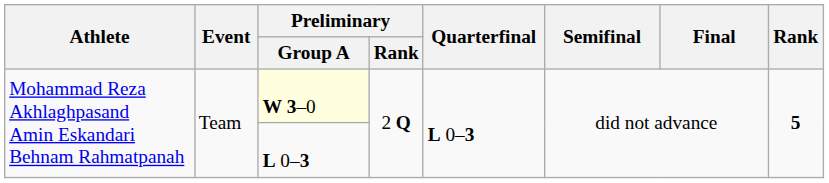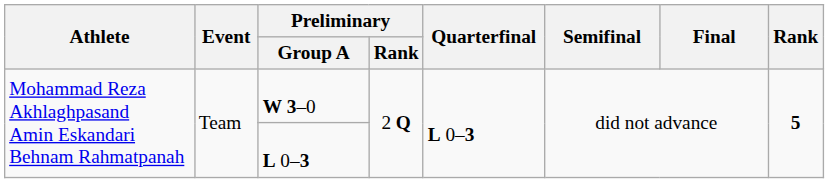 <table class="wikitable" width="98%" style="text-align:left; font-size:90%">
 <tr>
 <th rowspan="2" width="25%">Athlete</th>
 <th rowspan="2" width="8%">Event</th>
 <th colspan="2">Preliminary</th>
 <th rowspan="2" width="15%">Quarterfinal</th>
 <th rowspan="2" width="15%">Semifinal</th>
 <th rowspan="2" width="15%">Final</th>
 <th rowspan="2" width="5%">Rank</th>
 </tr>
 <tr>
 <th width="15%">Group A</th>
 <th width="5%">Rank</th>
 </tr>
 <tr>
 <td rowspan="2"><a href='#'>Mohammad Reza Akhlaghpasand</a><br> <a href='#'>Amin Eskandari</a><br> <a href='#'>Behnam Rahmatpanah</a></td>
 <td rowspan="2">Team</td>
-<td style="background: lightyellow;"><br><strong>W</strong> <strong>3</strong>–0</td>
+<td><br><strong>W</strong> <strong>3</strong>–0</td>
 <td rowspan="2" align=center>2 <strong>Q</strong></td>
 <td rowspan="2"><br><strong>L</strong> 0–<strong>3</strong></td>
 <td colspan=2 rowspan="2" align="center">did not advance</td>
 <td rowspan="2" align="center"><strong>5</strong></td>
 </tr>
 <tr>
 <td><br><strong>L</strong> 0–<strong>3</strong></td>
 </tr>
 </table>
